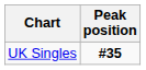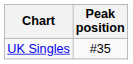 <table class="wikitable sortable">
 <tr>
 <th align="left">Chart</th>
 <th align="center">Peak<br>position</th>
 </tr>
 <tr>
 <td align="left"><a href='#'>UK Singles</a></td>
-<td align="center"><strong>#35</strong></td>
+<td align="center">#35</td>
 </tr>
 </table>
